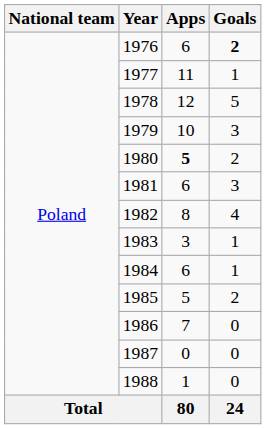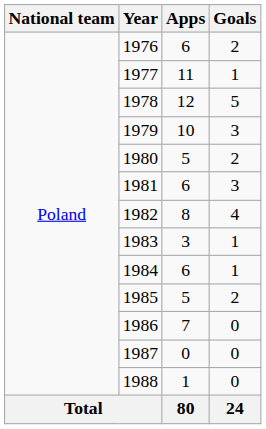 <table class="wikitable" style="text-align:center">
 <tr>
 <th>National team</th>
 <th>Year</th>
 <th>Apps</th>
 <th>Goals</th>
 </tr>
 <tr>
 <td rowspan="13"><a href='#'>Poland</a></td>
 <td>1976</td>
 <td>6</td>
-<td><strong>2</strong></td>
+<td>2</td>
 </tr>
 <tr>
 <td>1977</td>
 <td>11</td>
 <td>1</td>
 </tr>
 <tr>
 <td>1978</td>
 <td>12</td>
 <td>5</td>
 </tr>
 <tr>
 <td>1979</td>
 <td>10</td>
 <td>3</td>
 </tr>
 <tr>
 <td>1980</td>
-<td><strong>5</strong></td>
+<td>5</td>
 <td>2</td>
 </tr>
 <tr>
 <td>1981</td>
 <td>6</td>
 <td>3</td>
 </tr>
 <tr>
 <td>1982</td>
 <td>8</td>
 <td>4</td>
 </tr>
 <tr>
 <td>1983</td>
 <td>3</td>
 <td>1</td>
 </tr>
 <tr>
 <td>1984</td>
 <td>6</td>
 <td>1</td>
 </tr>
 <tr>
 <td>1985</td>
 <td>5</td>
 <td>2</td>
 </tr>
 <tr>
 <td>1986</td>
 <td>7</td>
 <td>0</td>
 </tr>
 <tr>
 <td>1987</td>
 <td>0</td>
 <td>0</td>
 </tr>
 <tr>
 <td>1988</td>
 <td>1</td>
 <td>0</td>
 </tr>
 <tr>
 <th colspan="2">Total</th>
 <th>80</th>
 <th>24</th>
 </tr>
 </table>
